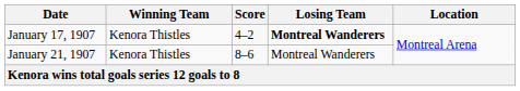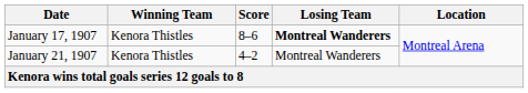 <table class="wikitable">
 <tr>
 <th width="120">Date</th>
 <th width="150">Winning Team</th>
 <th width="5">Score</th>
 <th width="150">Losing Team</th>
 <th width="145">Location</th>
 </tr>
 <tr>
 <td>January 17, 1907</td>
 <td>Kenora Thistles</td>
-<td>4–2</td>
+<td>8–6</td>
 <td><strong>Montreal Wanderers</strong></td>
 <td rowspan="2"><a href='#'>Montreal Arena</a></td>
 </tr>
 <tr>
 <td>January 21, 1907</td>
 <td>Kenora Thistles</td>
-<td>8–6</td>
+<td>4–2</td>
 <td>Montreal Wanderers</td>
 </tr>
 <tr>
 <th colspan="5" style="text-align:left;">Kenora wins total goals series 12 goals to 8</th>
 </tr>
 </table>
